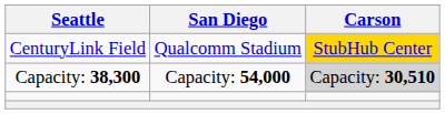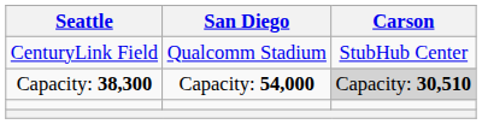 <table class="wikitable" style="text-align:center;margin:1em auto;">
 <tr>
 <th><a href='#'>Seattle</a></th>
 <th><a href='#'>San Diego</a></th>
 <th><a href='#'>Carson</a></th>
 </tr>
 <tr>
 <td><a href='#'>CenturyLink Field</a></td>
 <td><a href='#'>Qualcomm Stadium</a></td>
-<td style="background: gold;"><a href='#'>StubHub Center</a></td>
+<td><a href='#'>StubHub Center</a></td>
 </tr>
 <tr>
 <td>Capacity: <strong>38,300</strong></td>
 <td>Capacity: <strong>54,000</strong></td>
 <td style="background: lightgrey;">Capacity: <strong>30,510</strong></td>
 </tr>
 <tr>
 <td></td>
 <td></td>
 <td></td>
 </tr>
 <tr>
 <th colspan=5></th>
 </tr>
 </table>
